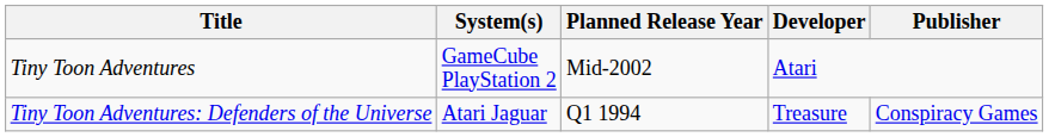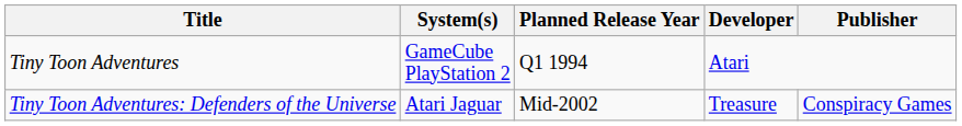 <table class="wikitable sortable">
 <tr>
 <th>Title</th>
 <th>System(s)</th>
 <th>Planned Release Year</th>
 <th>Developer</th>
 <th>Publisher</th>
 </tr>
 <tr>
 <td><em>Tiny Toon Adventures</em></td>
 <td><a href='#'>GameCube</a><br><a href='#'>PlayStation 2</a></td>
-<td>Mid-2002</td>
+<td>Q1 1994</td>
 <td colspan="2"><a href='#'>Atari</a></td>
 </tr>
 <tr>
 <td><em><a href='#'>Tiny Toon Adventures: Defenders of the Universe</a></em></td>
 <td><a href='#'>Atari Jaguar</a></td>
-<td>Q1 1994</td>
+<td>Mid-2002</td>
 <td><a href='#'>Treasure</a></td>
 <td><a href='#'>Conspiracy Games</a></td>
 </tr>
 </table>
